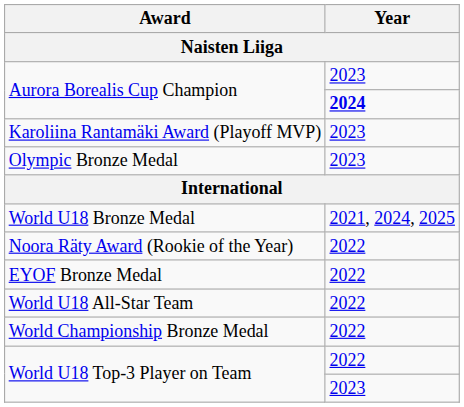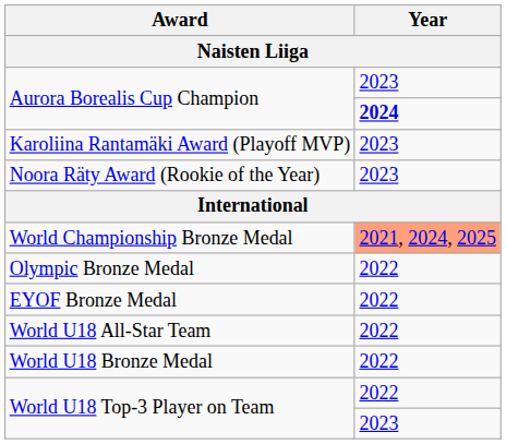 <table class="wikitable">
 <tr>
 <th scope="col">Award</th>
 <th scope="col">Year</th>
 </tr>
 <tr>
 <th colspan="2">Naisten Liiga</th>
 </tr>
 <tr>
 <td rowspan="2"><a href='#'>Aurora Borealis Cup</a> Champion</td>
 <td><a href='#'>2023</a></td>
 </tr>
 <tr>
 <td><strong><a href='#'>2024</a></strong></td>
 </tr>
 <tr>
 <td><a href='#'>Karoliina Rantamäki Award</a> (Playoff MVP)</td>
 <td><a href='#'>2023</a></td>
 </tr>
 <tr>
-<td><a href='#'>Olympic</a> Bronze Medal</td>
+<td><a href='#'>Noora Räty Award</a> (Rookie of the Year)</td>
 <td><a href='#'>2023</a></td>
 </tr>
 <tr>
 <th colspan="2">International</th>
 </tr>
 <tr>
-<td><a href='#'>World U18</a> Bronze Medal</td>
-<td><a href='#'>2021</a>, <a href='#'>2024</a>, <a href='#'>2025</a></td>
+<td><a href='#'>World Championship</a> Bronze Medal</td>
+<td style="background: lightsalmon;"><a href='#'>2021</a>, <a href='#'>2024</a>, <a href='#'>2025</a></td>
 </tr>
 <tr>
-<td><a href='#'>Noora Räty Award</a> (Rookie of the Year)</td>
+<td><a href='#'>Olympic</a> Bronze Medal</td>
 <td><a href='#'>2022</a></td>
 </tr>
 <tr>
 <td><a href='#'>EYOF</a> Bronze Medal</td>
 <td><a href='#'>2022</a></td>
 </tr>
 <tr>
 <td><a href='#'>World U18</a> All-Star Team</td>
 <td><a href='#'>2022</a></td>
 </tr>
 <tr>
-<td><a href='#'>World Championship</a> Bronze Medal</td>
+<td><a href='#'>World U18</a> Bronze Medal</td>
 <td><a href='#'>2022</a></td>
 </tr>
 <tr>
 <td rowspan="2"><a href='#'>World U18</a> Top-3 Player on Team</td>
 <td><a href='#'>2022</a></td>
 </tr>
 <tr>
 <td><a href='#'>2023</a></td>
 </tr>
 </table>
